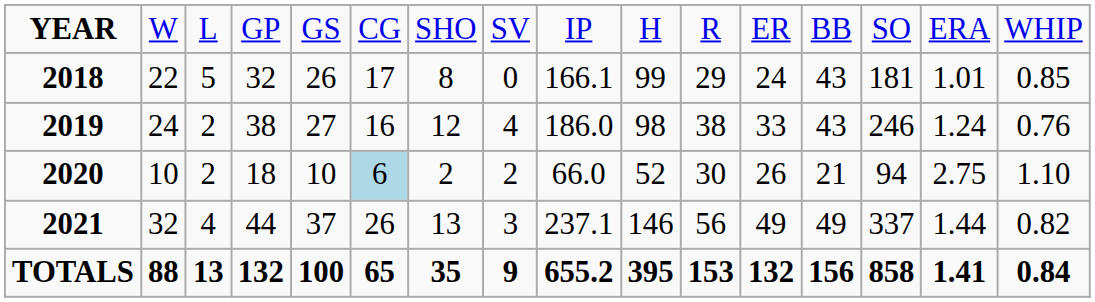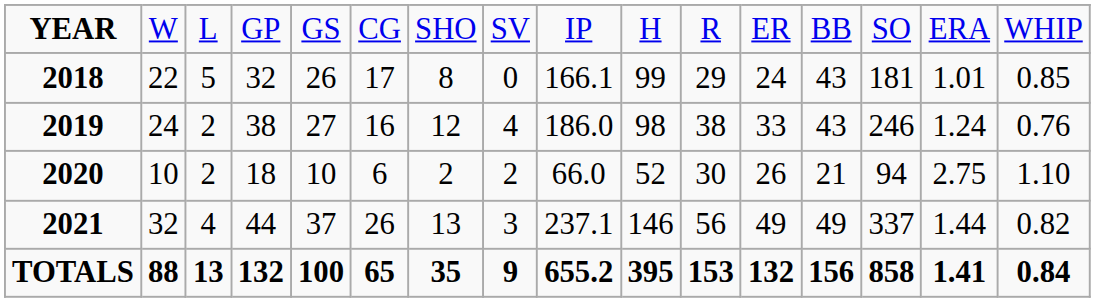 <table class="wikitable">
 <tr align=center>
 <td><strong>YEAR</strong></td>
 <td><a href='#'>W</a></td>
 <td><a href='#'>L</a></td>
 <td><a href='#'>GP</a></td>
 <td><a href='#'>GS</a></td>
 <td><a href='#'>CG</a></td>
 <td><a href='#'>SHO</a></td>
 <td><a href='#'>SV</a></td>
 <td><a href='#'>IP</a></td>
 <td><a href='#'>H</a></td>
 <td><a href='#'>R</a></td>
 <td><a href='#'>ER</a></td>
 <td><a href='#'>BB</a></td>
 <td><a href='#'>SO</a></td>
 <td><a href='#'>ERA</a></td>
 <td><a href='#'>WHIP</a></td>
 </tr>
 <tr align=center>
 <td><strong>2018</strong></td>
 <td>22</td>
 <td>5</td>
 <td>32</td>
 <td>26</td>
 <td>17</td>
 <td>8</td>
 <td>0</td>
 <td>166.1</td>
 <td>99</td>
 <td>29</td>
 <td>24</td>
 <td>43</td>
 <td>181</td>
 <td>1.01</td>
 <td>0.85</td>
 </tr>
 <tr align=center>
 <td><strong>2019</strong></td>
 <td>24</td>
 <td>2</td>
 <td>38</td>
 <td>27</td>
 <td>16</td>
 <td>12</td>
 <td>4</td>
 <td>186.0</td>
 <td>98</td>
 <td>38</td>
 <td>33</td>
 <td>43</td>
 <td>246</td>
 <td>1.24</td>
 <td>0.76</td>
 </tr>
 <tr align=center>
 <td><strong>2020</strong></td>
 <td>10</td>
 <td>2</td>
 <td>18</td>
 <td>10</td>
-<td style="background: lightblue;">6</td>
+<td>6</td>
 <td>2</td>
 <td>2</td>
 <td>66.0</td>
 <td>52</td>
 <td>30</td>
 <td>26</td>
 <td>21</td>
 <td>94</td>
 <td>2.75</td>
 <td>1.10</td>
 </tr>
 <tr align=center>
 <td><strong>2021</strong></td>
 <td>32</td>
 <td>4</td>
 <td>44</td>
 <td>37</td>
 <td>26</td>
 <td>13</td>
 <td>3</td>
 <td>237.1</td>
 <td>146</td>
 <td>56</td>
 <td>49</td>
 <td>49</td>
 <td>337</td>
 <td>1.44</td>
 <td>0.82</td>
 </tr>
 <tr align=center>
 <td><strong>TOTALS</strong></td>
 <td><strong>88</strong></td>
 <td><strong>13</strong></td>
 <td><strong>132</strong></td>
 <td><strong>100</strong></td>
 <td><strong>65</strong></td>
 <td><strong>35</strong></td>
 <td><strong>9</strong></td>
 <td><strong>655.2</strong></td>
 <td><strong>395</strong></td>
 <td><strong>153</strong></td>
 <td><strong>132</strong></td>
 <td><strong>156</strong></td>
 <td><strong>858</strong></td>
 <td><strong>1.41</strong></td>
 <td><strong>0.84</strong></td>
 </tr>
 </table>
